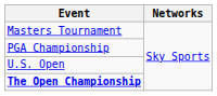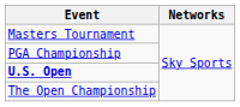 <table class="wikitable">
 <tr>
 <th>Event</th>
 <th>Networks</th>
 </tr>
 <tr>
 <td><a href='#'>Masters Tournament</a></td>
 <td rowspan="4"><a href='#'>Sky Sports</a></td>
 </tr>
 <tr>
 <td><a href='#'>PGA Championship</a></td>
 </tr>
 <tr>
-<td><a href='#'>U.S. Open</a></td>
+<td><strong><a href='#'>U.S. Open</a></strong></td>
 </tr>
 <tr>
-<td><strong><a href='#'>The Open Championship</a></strong></td>
+<td><a href='#'>The Open Championship</a></td>
 </tr>
 </table>
